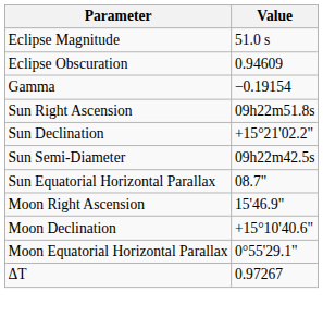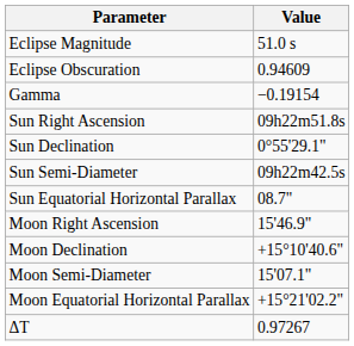 <table class="wikitable">
 <tr>
 <th>Parameter</th>
 <th>Value</th>
 </tr>
 <tr>
 <td>Eclipse Magnitude</td>
 <td>51.0 s</td>
 </tr>
 <tr>
 <td>Eclipse Obscuration</td>
 <td>0.94609</td>
 </tr>
 <tr>
 <td>Gamma</td>
 <td>−0.19154</td>
 </tr>
 <tr>
 <td>Sun Right Ascension</td>
 <td>09h22m51.8s</td>
 </tr>
 <tr>
 <td>Sun Declination</td>
-<td>+15°21'02.2"</td>
+<td>0°55'29.1"</td>
 </tr>
 <tr>
 <td>Sun Semi-Diameter</td>
 <td>09h22m42.5s</td>
 </tr>
 <tr>
 <td>Sun Equatorial Horizontal Parallax</td>
 <td>08.7"</td>
 </tr>
 <tr>
 <td>Moon Right Ascension</td>
 <td>15'46.9"</td>
 </tr>
 <tr>
 <td>Moon Declination</td>
 <td>+15°10'40.6"</td>
 </tr>
 <tr>
+<td>Moon Semi-Diameter</td>
+<td>15'07.1"</td>
+</tr>
+<tr>
 <td>Moon Equatorial Horizontal Parallax</td>
-<td>0°55'29.1"</td>
+<td>+15°21'02.2"</td>
 </tr>
 <tr>
 <td>ΔT</td>
 <td>0.97267</td>
 </tr>
 </table>
